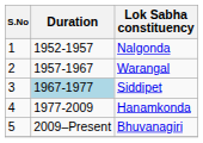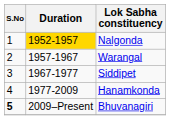 <table class="wikitable">
 <tr>
 <th width="20px" style="font-size:75%">S.No</th>
 <th width="100px">Duration</th>
 <th width="100px">Lok Sabha constituency</th>
 </tr>
 <tr>
 <td>1</td>
-<td>1952-1957</td>
+<td style="background: gold;">1952-1957</td>
 <td><a href='#'>Nalgonda</a></td>
 </tr>
 <tr>
 <td>2</td>
 <td>1957-1967</td>
 <td><a href='#'>Warangal</a></td>
 </tr>
 <tr>
 <td>3</td>
-<td style="background: lightblue;">1967-1977</td>
+<td>1967-1977</td>
 <td><a href='#'>Siddipet</a></td>
 </tr>
 <tr>
 <td>4</td>
 <td>1977-2009</td>
 <td><a href='#'>Hanamkonda</a></td>
 </tr>
 <tr>
-<td>5</td>
+<td><strong>5</strong></td>
 <td>2009–Present</td>
 <td><a href='#'>Bhuvanagiri</a></td>
 </tr>
 <tr>
 </tr>
 </table>
